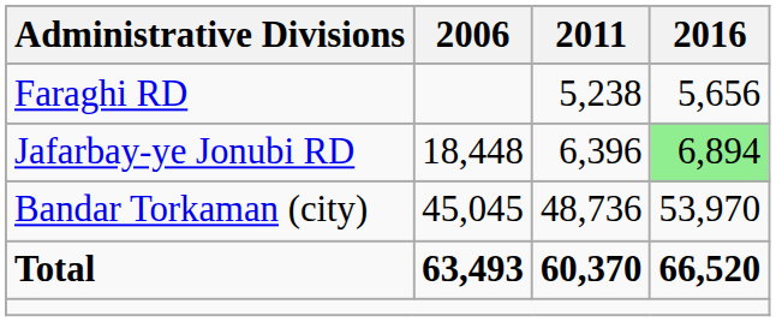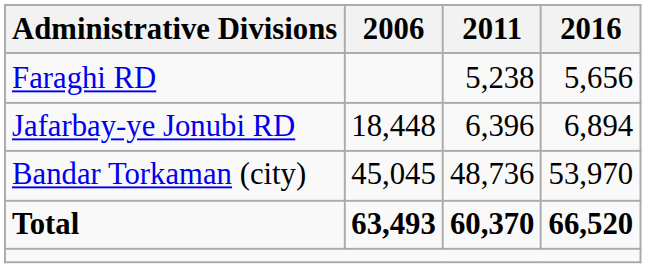 <table class="wikitable">
 <tr>
 <th>Administrative Divisions</th>
 <th>2006</th>
 <th>2011</th>
 <th>2016</th>
 </tr>
 <tr>
 <td><a href='#'>Faraghi RD</a></td>
 <td style="text-align: right;"></td>
 <td style="text-align: right;">5,238</td>
 <td style="text-align: right;">5,656</td>
 </tr>
 <tr>
 <td><a href='#'>Jafarbay-ye Jonubi RD</a></td>
 <td style="text-align: right;">18,448</td>
 <td style="text-align: right;">6,396</td>
-<td style="background: lightgreen; text-align: right;">6,894</td>
+<td style="text-align: right;">6,894</td>
 </tr>
 <tr>
 <td><a href='#'>Bandar Torkaman</a> (city)</td>
 <td style="text-align: right;">45,045</td>
 <td style="text-align: right;">48,736</td>
 <td style="text-align: right;">53,970</td>
 </tr>
 <tr>
 <td><strong>Total</strong></td>
 <td style="text-align: right;"><strong>63,493</strong></td>
 <td style="text-align: right;"><strong>60,370</strong></td>
 <td style="text-align: right;"><strong>66,520</strong></td>
 </tr>
 <tr>
 <td colspan=4></td>
 </tr>
 </table>
